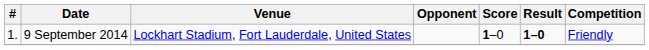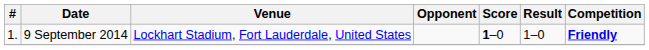 <table class="wikitable" style="text-align: left;" align=center>
 <tr>
 <th>#</th>
 <th>Date</th>
 <th>Venue</th>
 <th>Opponent</th>
 <th>Score</th>
 <th>Result</th>
 <th>Competition</th>
 </tr>
 <tr>
 <td>1.</td>
 <td>9 September 2014</td>
 <td><a href='#'>Lockhart Stadium</a>, <a href='#'>Fort Lauderdale</a>, <a href='#'>United States</a></td>
 <td></td>
 <td><strong>1</strong>–0</td>
-<td><strong>1–0</strong></td>
-<td><a href='#'>Friendly</a></td>
+<td>1–0</td>
+<td><strong><a href='#'>Friendly</a></strong></td>
 </tr>
 <tr>
 </tr>
 </table>
